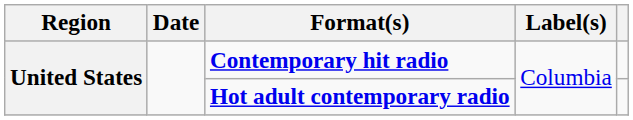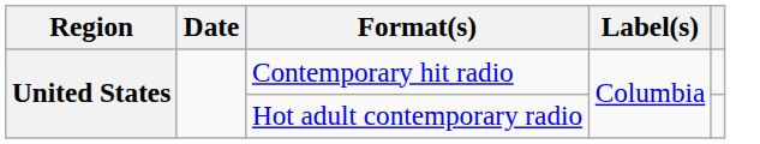 <table class="wikitable plainrowheaders" style="text-align:left">
 <tr>
 <th scope="col">Region</th>
 <th scope="col">Date</th>
 <th scope="col">Format(s)</th>
 <th scope="col">Label(s)</th>
 <th scope="col"></th>
 </tr>
 <tr>
 <th rowspan="2" scope="row">United States</th>
 <td rowspan="2"></td>
-<td><strong><a href='#'>Contemporary hit radio</a></strong></td>
+<td><a href='#'>Contemporary hit radio</a></td>
 <td rowspan="2"><a href='#'>Columbia</a></td>
 <td></td>
 </tr>
 <tr>
-<td><strong><a href='#'>Hot adult contemporary radio</a></strong></td>
+<td><a href='#'>Hot adult contemporary radio</a></td>
 <td></td>
 </tr>
 </table>
